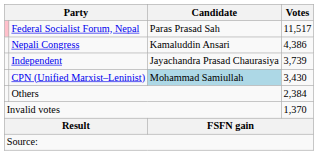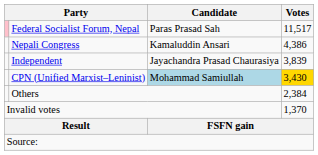 <table class="wikitable">
 <tr>
 <th colspan="2">Party</th>
 <th>Candidate</th>
 <th>Votes</th>
 </tr>
 <tr>
 <td style="background-color:pink"></td>
 <td><a href='#'>Federal Socialist Forum, Nepal</a></td>
 <td>Paras Prasad Sah</td>
 <td>11,517</td>
 </tr>
 <tr>
 <td style="background-color:"></td>
 <td><a href='#'>Nepali Congress</a></td>
 <td>Kamaluddin Ansari</td>
 <td>4,386</td>
 </tr>
 <tr>
 <td style="background-color:"></td>
 <td><a href='#'>Independent</a></td>
 <td>Jayachandra Prasad Chaurasiya</td>
-<td>3,739</td>
+<td>3,839</td>
 </tr>
 <tr>
 <td style="background-color:"></td>
 <td><a href='#'>CPN (Unified Marxist–Leninist)</a></td>
 <td style="background: lightblue;">Mohammad Samiullah</td>
-<td>3,430</td>
+<td style="background: gold;">3,430</td>
 </tr>
 <tr>
 <td></td>
 <td colspan="2">Others</td>
 <td>2,384</td>
 </tr>
 <tr>
 <td colspan="3">Invalid votes</td>
 <td>1,370</td>
 </tr>
 <tr>
 <th colspan="2">Result</th>
 <th colspan="2">FSFN gain</th>
 </tr>
 <tr>
 <td colspan="4">Source: </td>
 </tr>
 </table>
